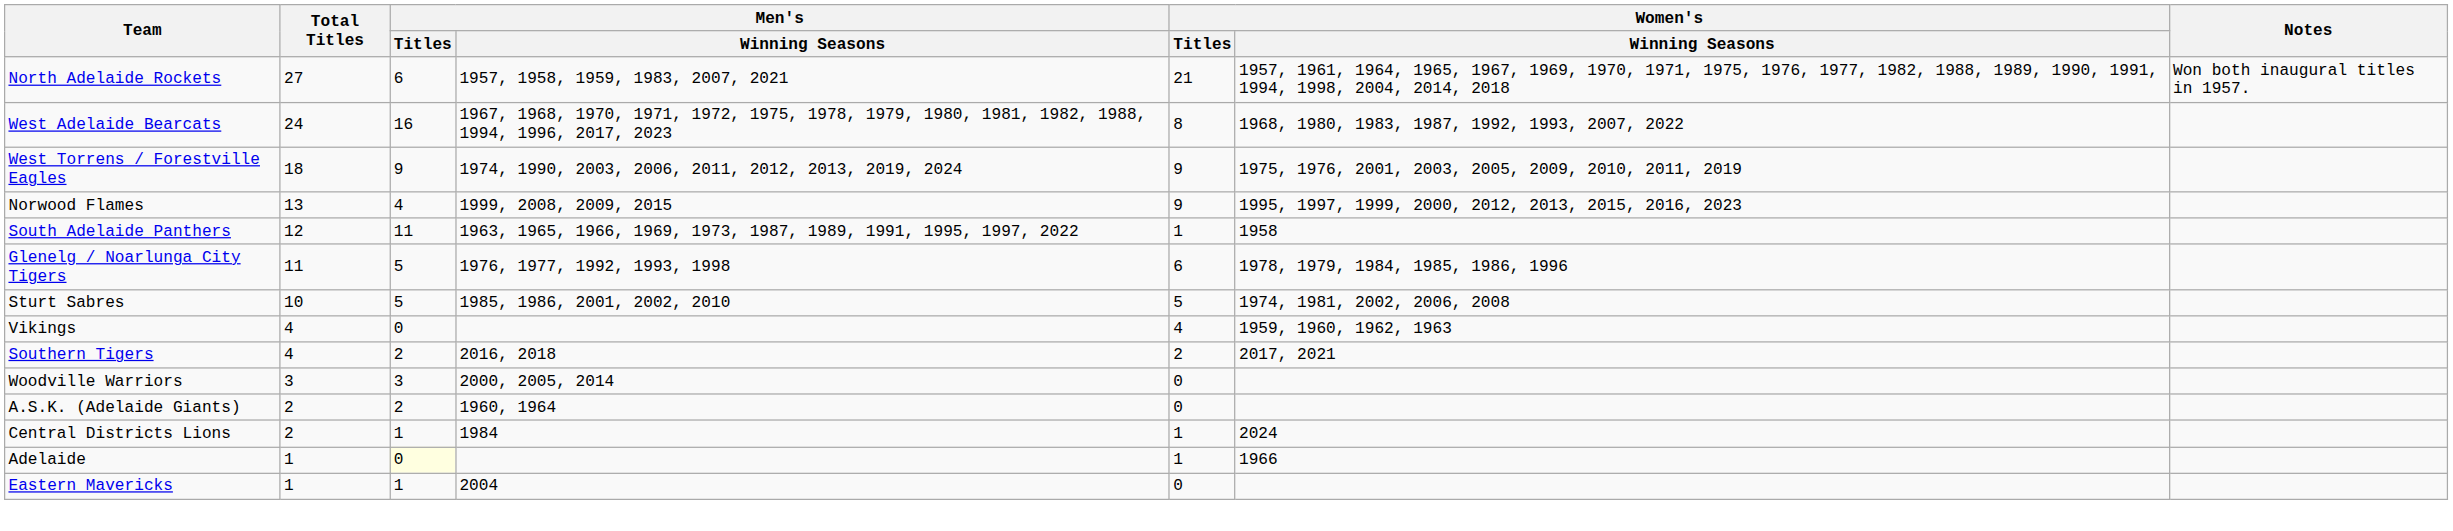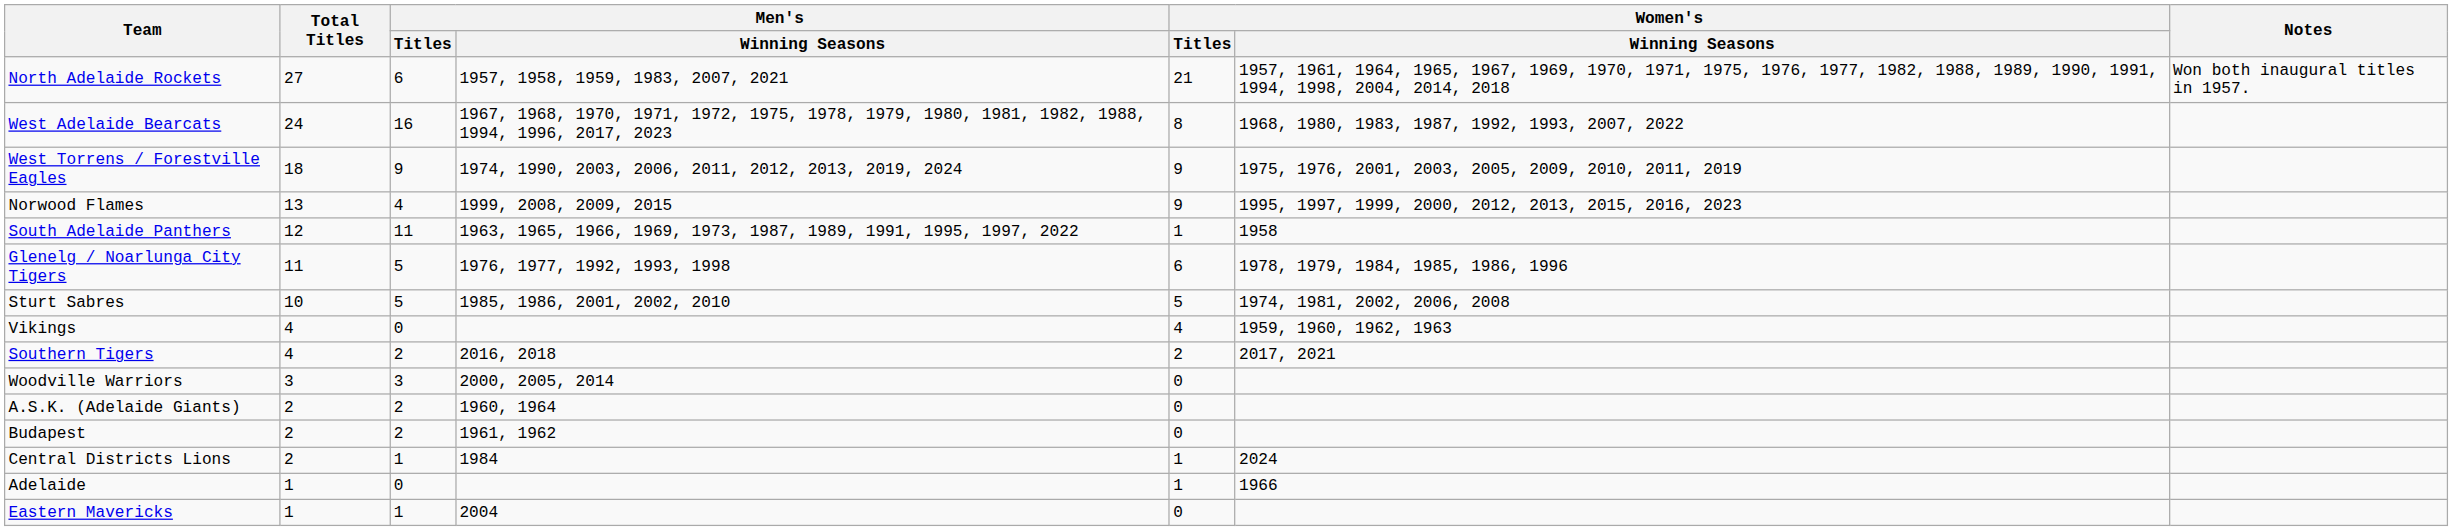 <table class="wikitable" style="align:center">
 <tr>
 <th rowspan="2">Team</th>
 <th rowspan="2">Total Titles</th>
 <th colspan="2">Men's</th>
 <th colspan="2">Women's</th>
 <th rowspan="2">Notes</th>
 </tr>
 <tr>
 <th>Titles</th>
 <th>Winning Seasons</th>
 <th>Titles</th>
 <th>Winning Seasons</th>
 </tr>
 <tr>
 <td><a href='#'>North Adelaide Rockets</a></td>
 <td>27</td>
 <td>6</td>
 <td>1957, 1958, 1959, 1983, 2007, 2021</td>
 <td>21</td>
 <td>1957, 1961, 1964, 1965, 1967, 1969, 1970, 1971, 1975, 1976, 1977, 1982, 1988, 1989, 1990, 1991, 1994, 1998, 2004, 2014, 2018</td>
 <td>Won both inaugural titles in 1957.</td>
 </tr>
 <tr>
 <td><a href='#'>West Adelaide Bearcats</a></td>
 <td>24</td>
 <td>16</td>
 <td>1967, 1968, 1970, 1971, 1972, 1975, 1978, 1979, 1980, 1981, 1982, 1988, 1994, 1996, 2017, 2023</td>
 <td>8</td>
 <td>1968, 1980, 1983, 1987, 1992, 1993, 2007, 2022</td>
 <td></td>
 </tr>
 <tr>
 <td><a href='#'>West Torrens / Forestville Eagles</a></td>
 <td>18</td>
 <td>9</td>
 <td>1974, 1990, 2003, 2006, 2011, 2012, 2013, 2019, 2024</td>
 <td>9</td>
 <td>1975, 1976, 2001, 2003, 2005, 2009, 2010, 2011, 2019</td>
 <td></td>
 </tr>
 <tr>
 <td>Norwood Flames</td>
 <td>13</td>
 <td>4</td>
 <td>1999, 2008, 2009, 2015</td>
 <td>9</td>
 <td>1995, 1997, 1999, 2000, 2012, 2013, 2015, 2016, 2023</td>
 <td></td>
 </tr>
 <tr>
 <td><a href='#'>South Adelaide Panthers</a></td>
 <td>12</td>
 <td>11</td>
 <td>1963, 1965, 1966, 1969, 1973, 1987, 1989, 1991, 1995, 1997, 2022</td>
 <td>1</td>
 <td>1958</td>
 <td></td>
 </tr>
 <tr>
 <td><a href='#'>Glenelg / Noarlunga City Tigers</a></td>
 <td>11</td>
 <td>5</td>
 <td>1976, 1977, 1992, 1993, 1998</td>
 <td>6</td>
 <td>1978, 1979, 1984, 1985, 1986, 1996</td>
 <td></td>
 </tr>
 <tr>
 <td>Sturt Sabres</td>
 <td>10</td>
 <td>5</td>
 <td>1985, 1986, 2001, 2002, 2010</td>
 <td>5</td>
 <td>1974, 1981, 2002, 2006, 2008</td>
 <td></td>
 </tr>
 <tr>
 <td>Vikings</td>
 <td>4</td>
 <td>0</td>
 <td></td>
 <td>4</td>
 <td>1959, 1960, 1962, 1963</td>
 <td></td>
 </tr>
 <tr>
 <td><a href='#'>Southern Tigers</a></td>
 <td>4</td>
 <td>2</td>
 <td>2016, 2018</td>
 <td>2</td>
 <td>2017, 2021</td>
 <td></td>
 </tr>
 <tr>
 <td>Woodville Warriors</td>
 <td>3</td>
 <td>3</td>
 <td>2000, 2005, 2014</td>
 <td>0</td>
 <td></td>
 <td></td>
 </tr>
 <tr>
 <td>A.S.K. (Adelaide Giants)</td>
 <td>2</td>
 <td>2</td>
 <td>1960, 1964</td>
 <td>0</td>
 <td></td>
 <td></td>
 </tr>
 <tr>
+<td>Budapest</td>
+<td>2</td>
+<td>2</td>
+<td>1961, 1962</td>
+<td>0</td>
+<td></td>
+<td></td>
+</tr>
+<tr>
 <td>Central Districts Lions</td>
 <td>2</td>
 <td>1</td>
 <td>1984</td>
 <td>1</td>
 <td>2024</td>
 <td></td>
 </tr>
 <tr>
 <td>Adelaide</td>
 <td>1</td>
-<td style="background: lightyellow;">0</td>
+<td>0</td>
 <td></td>
 <td>1</td>
 <td>1966</td>
 <td></td>
 </tr>
 <tr>
 <td><a href='#'>Eastern Mavericks</a></td>
 <td>1</td>
 <td>1</td>
 <td>2004</td>
 <td>0</td>
 <td></td>
 <td></td>
 </tr>
 </table>
